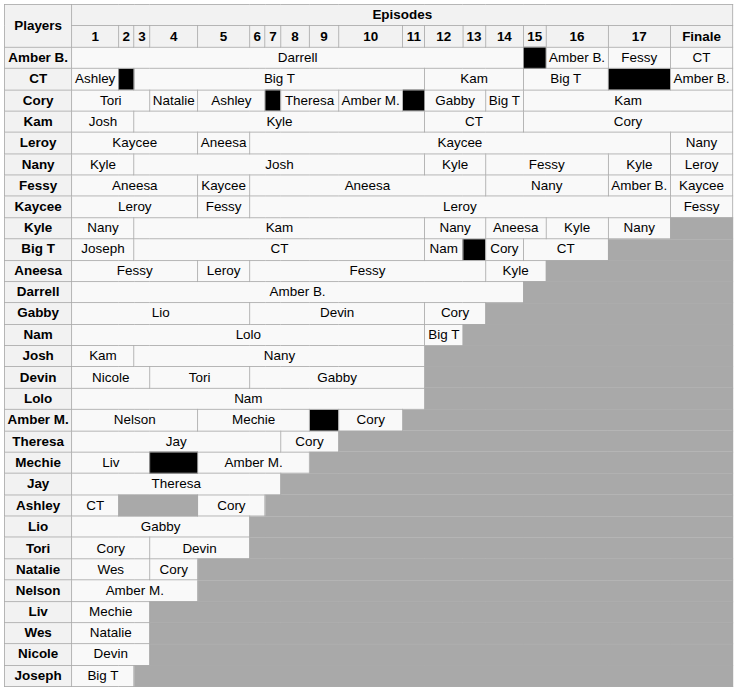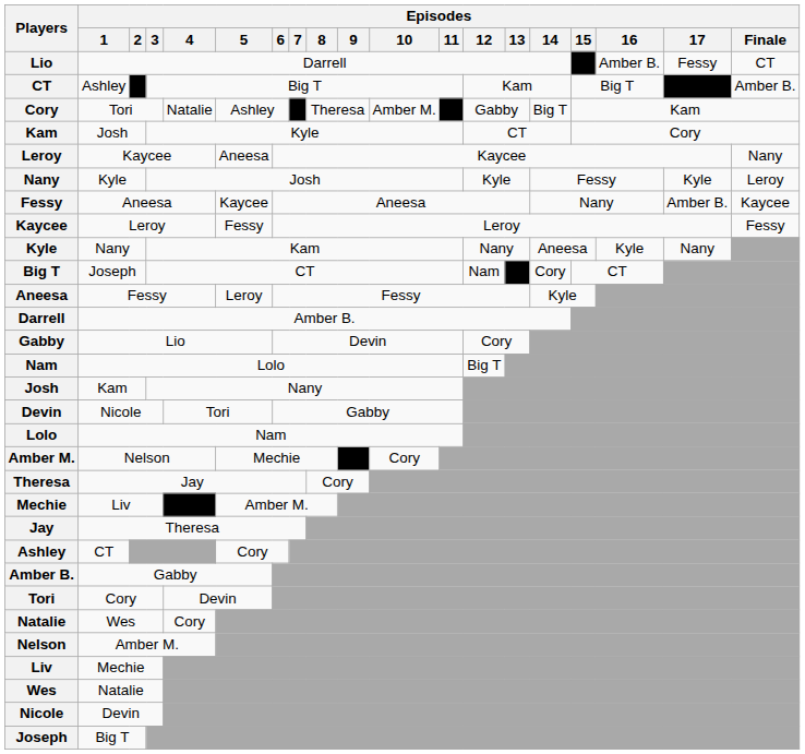 <table class="wikitable" style="text-align:center; white-space:nowrap">
 <tr>
 <th rowspan=2>Players</th>
 <th colspan="18">Episodes</th>
 </tr>
 <tr>
 <th scope="col" style="width:50px;">1</th>
 <th scope="col" style="width:50px;">2</th>
 <th scope="col" style="width:50px;">3</th>
 <th scope="col" style="width:50px;">4</th>
 <th scope="col" style="width:50px;">5</th>
 <th scope="col" style="width:50px;">6</th>
 <th scope="col" style="width:50px;">7</th>
 <th scope="col" style="width:50px;">8</th>
 <th scope="col" style="width:50px;">9</th>
 <th scope="col" style="width:50px;">10</th>
 <th scope="col" style="width:50px;">11</th>
 <th scope="col" style="width:50px;">12</th>
 <th scope="col" style="width:50px;">13</th>
 <th scope="col" style="width:50px;">14</th>
 <th scope="col" style="width:50px;">15</th>
 <th scope="col" style="width:50px;">16</th>
 <th scope="col" style="width:50px;">17</th>
 <th scope="col" style="width:50px;">Finale</th>
 </tr>
 <tr>
-<th>Amber B.</th>
+<th>Lio</th>
 <td colspan="14">Darrell</td>
 <td bgcolor="black"></td>
 <td>Amber B.</td>
 <td>Fessy</td>
 <td>CT</td>
 </tr>
 <tr>
 <th>CT</th>
 <td>Ashley</td>
 <td bgcolor="black"></td>
 <td colspan=9>Big T</td>
 <td colspan=3>Kam</td>
 <td colspan=2>Big T</td>
 <td bgcolor="black"></td>
 <td>Amber B.</td>
 </tr>
 <tr>
 <th>Cory</th>
 <td colspan="3">Tori</td>
 <td colspan=1>Natalie</td>
 <td colspan=2>Ashley</td>
 <td bgcolor="black"></td>
 <td colspan=2>Theresa</td>
 <td>Amber M.</td>
 <td bgcolor="black"></td>
 <td colspan=2>Gabby</td>
 <td>Big T</td>
 <td colspan=4>Kam</td>
 </tr>
 <tr>
 <th>Kam</th>
 <td colspan="2">Josh</td>
 <td colspan=9>Kyle</td>
 <td colspan=3>CT</td>
 <td colspan=4>Cory</td>
 </tr>
 <tr>
 <th>Leroy</th>
 <td colspan="4">Kaycee</td>
 <td>Aneesa</td>
 <td colspan=12>Kaycee</td>
 <td>Nany</td>
 </tr>
 <tr>
 <th>Nany</th>
 <td colspan="2">Kyle</td>
 <td colspan=9>Josh</td>
 <td colspan=2>Kyle</td>
 <td colspan=3>Fessy</td>
 <td>Kyle</td>
 <td>Leroy</td>
 </tr>
 <tr>
 <th>Fessy</th>
 <td colspan="4">Aneesa</td>
 <td>Kaycee</td>
 <td colspan=8>Aneesa</td>
 <td colspan=3>Nany</td>
 <td>Amber B.</td>
 <td>Kaycee</td>
 </tr>
 <tr>
 <th>Kaycee</th>
 <td colspan="4">Leroy</td>
 <td>Fessy</td>
 <td colspan=12>Leroy</td>
 <td>Fessy</td>
 </tr>
 <tr>
 <th>Kyle</th>
 <td colspan="2">Nany</td>
 <td colspan=9>Kam</td>
 <td colspan=2>Nany</td>
 <td colspan=2>Aneesa</td>
 <td>Kyle</td>
 <td>Nany</td>
 <td style="background:darkgrey;"colspan="1"></td>
 </tr>
 <tr>
 <th>Big T</th>
 <td colspan="2">Joseph</td>
 <td colspan=9>CT</td>
 <td>Nam</td>
 <td bgcolor="black"></td>
 <td>Cory</td>
 <td colspan=2>CT</td>
 <td style="background:darkgrey;"colspan="2"></td>
 </tr>
 <tr>
 <th>Aneesa</th>
 <td colspan="4">Fessy</td>
 <td>Leroy</td>
 <td colspan=8>Fessy</td>
 <td colspan=2>Kyle</td>
 <td style="background:darkgrey;"colspan="3"></td>
 </tr>
 <tr>
 <th>Darrell</th>
 <td colspan="14">Amber B.</td>
 <td style="background:darkgrey;"colspan="4"></td>
 </tr>
 <tr>
 <th>Gabby</th>
 <td colspan="5">Lio</td>
 <td colspan=6>Devin</td>
 <td colspan=2>Cory</td>
 <td style="background:darkgrey;"colspan="5"></td>
 </tr>
 <tr>
 <th>Nam</th>
 <td colspan="11">Lolo</td>
 <td>Big T</td>
 <td style="background:darkgrey;"colspan="6"></td>
 </tr>
 <tr>
 <th>Josh</th>
 <td colspan="2">Kam</td>
 <td colspan=9>Nany</td>
 <td style="background:darkgrey;"colspan="7"></td>
 </tr>
 <tr>
 <th>Devin</th>
 <td colspan="3">Nicole</td>
 <td colspan=2>Tori</td>
 <td colspan=6>Gabby</td>
 <td style="background:darkgrey;"colspan="7"></td>
 </tr>
 <tr>
 <th>Lolo</th>
 <td colspan="11">Nam</td>
 <td style="background:darkgrey;"colspan="7"></td>
 </tr>
 <tr>
 <th>Amber M.</th>
 <td colspan="4">Nelson</td>
 <td colspan=4>Mechie</td>
 <td bgcolor="black"></td>
 <td>Cory</td>
 <td style="background:darkgrey;"colspan="8"></td>
 </tr>
 <tr>
 <th>Theresa</th>
 <td colspan="7">Jay</td>
 <td colspan=2>Cory</td>
 <td colspan="9" style="background:darkgrey;"></td>
 </tr>
 <tr>
 <th>Mechie</th>
 <td colspan="3">Liv</td>
 <td bgcolor="black"></td>
 <td colspan=4>Amber M.</td>
 <td colspan="10" style="background:darkgrey;"></td>
 </tr>
 <tr>
 <th>Jay</th>
 <td colspan="7">Theresa</td>
 <td colspan="11" style="background:darkgrey;"></td>
 </tr>
 <tr>
 <th>Ashley</th>
 <td>CT</td>
 <td style="background:darkgrey;" colspan="3"></td>
 <td colspan=2>Cory</td>
 <td colspan="12" style="background:darkgrey;"></td>
 </tr>
 <tr>
-<th>Lio</th>
+<th>Amber B.</th>
 <td colspan="5">Gabby</td>
 <td colspan="13" style="background:darkgrey;"></td>
 </tr>
 <tr>
 <th>Tori</th>
 <td colspan="3">Cory</td>
 <td colspan=2>Devin</td>
 <td colspan="13" style="background:darkgrey;"></td>
 </tr>
 <tr>
 <th>Natalie</th>
 <td colspan="3">Wes</td>
 <td colspan=1>Cory</td>
 <td style="background:darkgrey;" colspan="14"></td>
 </tr>
 <tr>
 <th>Nelson</th>
 <td colspan="4">Amber M.</td>
 <td colspan="14" style="background:darkgrey;"></td>
 </tr>
 <tr>
 <th>Liv</th>
 <td colspan="3">Mechie</td>
 <td style="background:darkgrey;" colspan="15"></td>
 </tr>
 <tr>
 <th>Wes</th>
 <td colspan="3">Natalie</td>
 <td style="background:darkgrey;" colspan="15"></td>
 </tr>
 <tr>
 <th>Nicole</th>
 <td colspan="3">Devin</td>
 <td style="background:darkgrey;" colspan="15"></td>
 </tr>
 <tr>
 <th>Joseph</th>
 <td colspan="2">Big T</td>
 <td style="background:darkgrey;" colspan="16"></td>
 </tr>
 </table>
